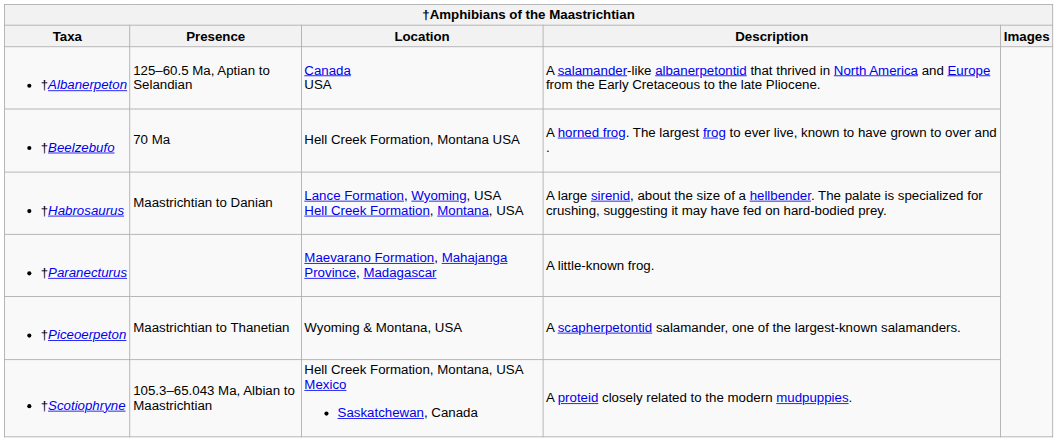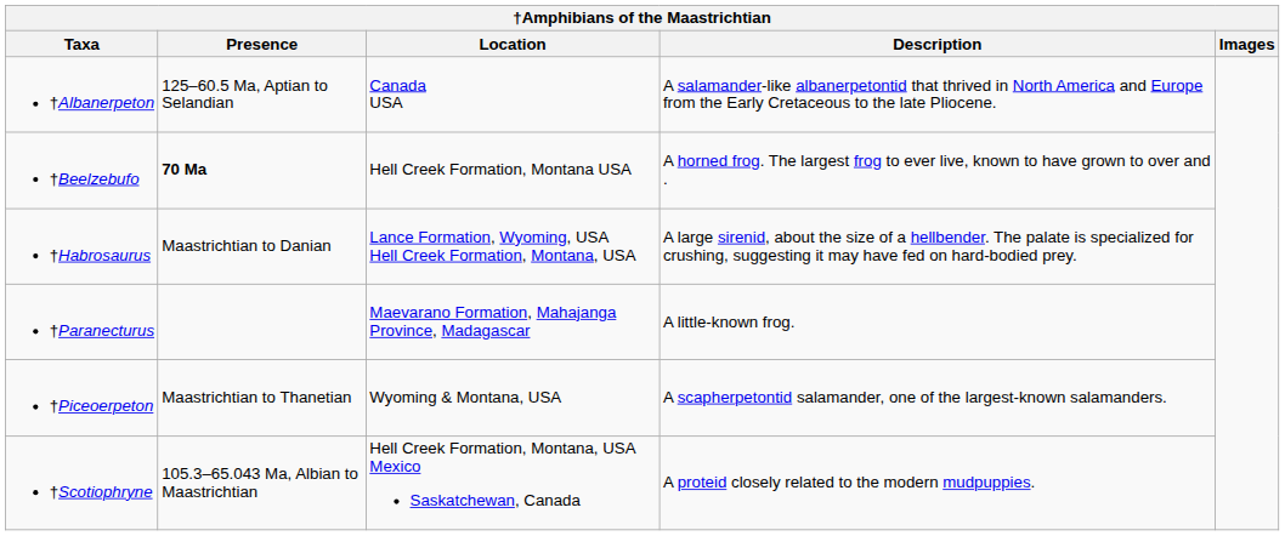 <table class="wikitable" align="center" width="100%">
 <tr>
 <th colspan="5" align="center">†Amphibians of the Maastrichtian</th>
 </tr>
 <tr>
 <th>Taxa</th>
 <th>Presence</th>
 <th>Location</th>
 <th>Description</th>
 <th>Images</th>
 </tr>
 <tr>
 <td><br><ul><li>†<em><a href='#'>Albanerpeton</a></em></li></ul></td>
 <td>125–60.5 Ma, Aptian to Selandian</td>
 <td><a href='#'>Canada</a><br>USA</td>
 <td>A <a href='#'>salamander</a>-like <a href='#'>albanerpetontid</a> that thrived in <a href='#'>North America</a> and <a href='#'>Europe</a> from the Early Cretaceous to the late Pliocene.</td>
 <td rowspan="99"><br></td>
 </tr>
 <tr>
 <td><br><ul><li>†<em><a href='#'>Beelzebufo</a></em></li></ul></td>
-<td>70 Ma</td>
+<td><strong>70 Ma</strong></td>
 <td>Hell Creek Formation, Montana USA</td>
 <td>A <a href='#'>horned frog</a>. The largest <a href='#'>frog</a> to ever live, known to have grown to over  and .</td>
 </tr>
 <tr>
 <td><br><ul><li>†<em><a href='#'>Habrosaurus</a></em></li></ul></td>
 <td>Maastrichtian to Danian</td>
 <td><a href='#'>Lance Formation</a>, <a href='#'>Wyoming</a>, USA<br><a href='#'>Hell Creek Formation</a>, <a href='#'>Montana</a>, USA</td>
 <td>A large <a href='#'>sirenid</a>, about the size of a <a href='#'>hellbender</a>. The palate is specialized for crushing, suggesting it may have fed on hard-bodied prey.</td>
 </tr>
 <tr>
 <td><br><ul><li>†<em><a href='#'>Paranecturus</a></em></li></ul></td>
 <td></td>
 <td><a href='#'>Maevarano Formation</a>, <a href='#'>Mahajanga Province</a>, <a href='#'>Madagascar</a></td>
 <td>A little-known frog.</td>
 </tr>
 <tr>
 <td><br><ul><li>†<em><a href='#'>Piceoerpeton</a></em></li></ul></td>
 <td>Maastrichtian to Thanetian</td>
 <td>Wyoming & Montana, USA</td>
 <td>A <a href='#'>scapherpetontid</a> salamander, one of the largest-known salamanders.</td>
 </tr>
 <tr>
 <td><br><ul><li>†<em><a href='#'>Scotiophryne</a></em></li></ul></td>
 <td>105.3–65.043 Ma, Albian to Maastrichtian</td>
 <td>Hell Creek Formation, Montana, USA<br><a href='#'>Mexico</a><ul><li><a href='#'>Saskatchewan</a>, Canada</li></ul></td>
 <td>A <a href='#'>proteid</a> closely related to the modern <a href='#'>mudpuppies</a>.</td>
 </tr>
 </table>
